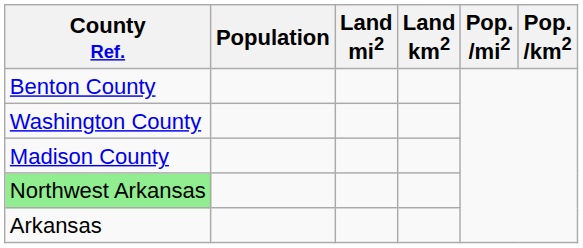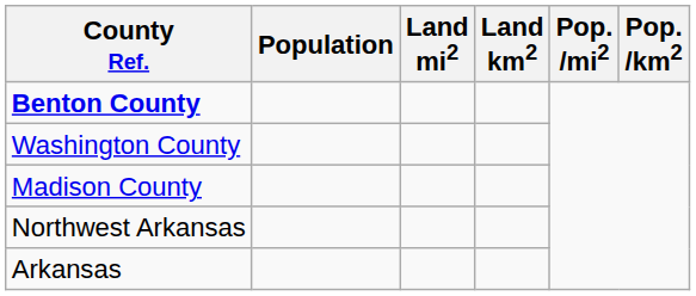 <table style="font-size:95%; text-align:right;" class="wikitable sortable">
 <tr>
 <th>County<br><small><a href='#'>Ref.</a></small></th>
 <th>Population</th>
 <th>Land<br>mi<sup>2</sup></th>
 <th>Land<br>km<sup>2</sup></th>
 <th>Pop.<br>/mi<sup>2</sup></th>
 <th>Pop.<br>/km<sup>2</sup></th>
 </tr>
 <tr>
-<td align=left><a href='#'>Benton County</a></td>
+<td align=left><strong><a href='#'>Benton County</a></strong></td>
 <td></td>
 <td></td>
 <td></td>
 </tr>
 <tr>
 <td align=left><a href='#'>Washington County</a></td>
 <td></td>
 <td></td>
 <td></td>
 </tr>
 <tr>
 <td align=left><a href='#'>Madison County</a></td>
 <td></td>
 <td></td>
 <td></td>
 </tr>
 <tr>
-<td align=left style="background: lightgreen;">Northwest Arkansas</td>
+<td align=left>Northwest Arkansas</td>
 <td></td>
 <td></td>
 <td></td>
 </tr>
 <tr>
 <td align=left>Arkansas</td>
 <td></td>
 <td></td>
 <td></td>
 </tr>
 </table>
